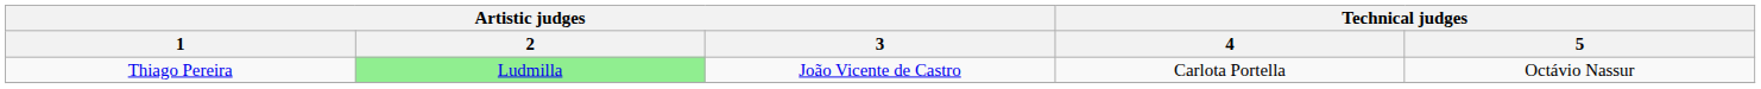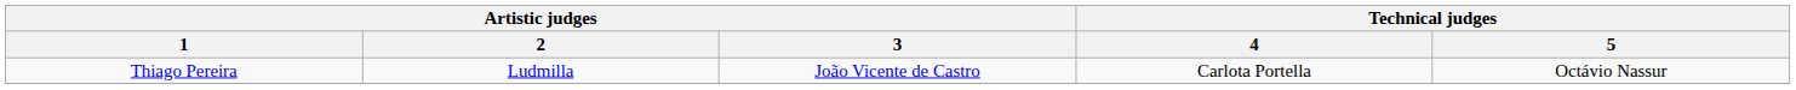 <table class="wikitable" style="font-size:100%; line-height:16px; text-align:center" width="100%">
 <tr>
 <th colspan=3>Artistic judges</th>
 <th colspan=2>Technical judges</th>
 </tr>
 <tr>
 <th width="20.0%">1</th>
 <th width="20.0%">2</th>
 <th width="20.0%">3</th>
 <th width="20.0%">4</th>
 <th width="20.0%">5</th>
 </tr>
 <tr>
 <td><a href='#'>Thiago Pereira</a></td>
-<td style="background: lightgreen;"><a href='#'>Ludmilla</a></td>
+<td><a href='#'>Ludmilla</a></td>
 <td><a href='#'>João Vicente de Castro</a></td>
 <td>Carlota Portella</td>
 <td>Octávio Nassur</td>
 </tr>
 <tr>
 </tr>
 </table>
